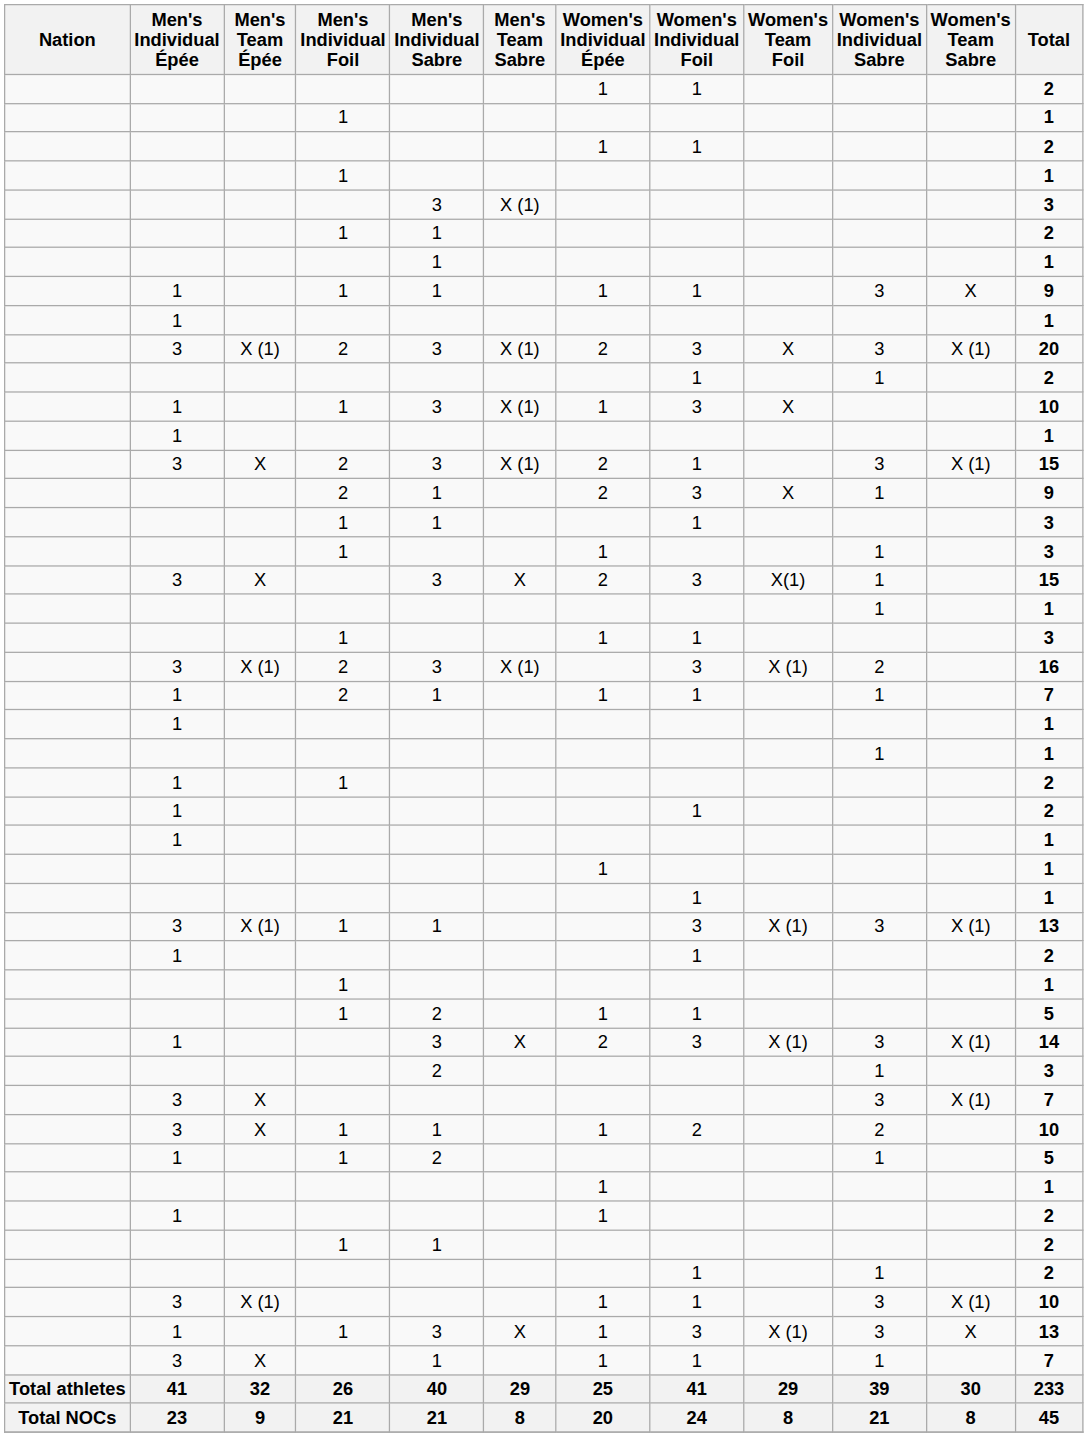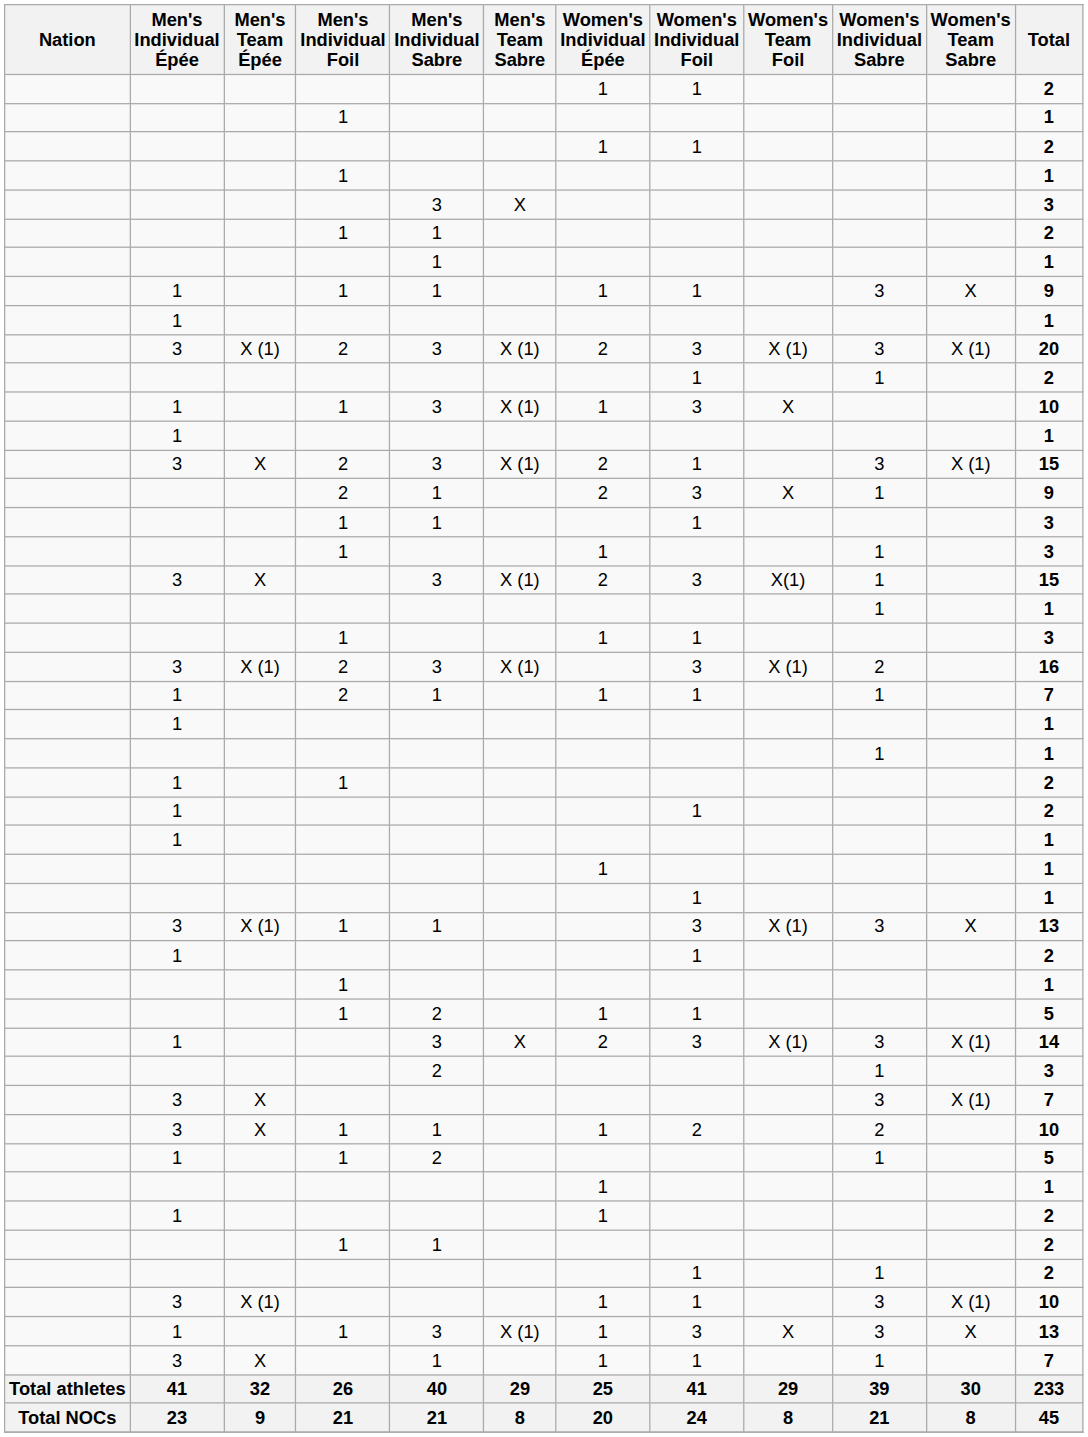 <table class="wikitable collapsible sortable" width=850  style="text-align:center; font-size:90%">
 <tr>
 <th width=130>Nation</th>
 <th width=60>Men's <br>Individual Épée</th>
 <th width=60>Men's <br>Team  Épée</th>
 <th width=60>Men's <br>Individual Foil</th>
 <th width=60>Men's <br>Individual Sabre</th>
 <th width=60>Men's <br>Team Sabre</th>
 <th width=60>Women's Individual Épée</th>
 <th width=60>Women's Individual Foil</th>
 <th width=60>Women's Team Foil</th>
 <th width=60>Women's <br>Individual Sabre</th>
 <th width=60>Women's<br>Team Sabre</th>
 <th width=60>Total</th>
 </tr>
 <tr>
 <td align=left></td>
 <td></td>
 <td></td>
 <td></td>
 <td></td>
 <td></td>
 <td>1</td>
 <td>1</td>
 <td></td>
 <td></td>
 <td></td>
 <td><strong>2</strong></td>
 </tr>
 <tr>
 <td align=left></td>
 <td></td>
 <td></td>
 <td>1</td>
 <td></td>
 <td></td>
 <td></td>
 <td></td>
 <td></td>
 <td></td>
 <td></td>
 <td><strong>1</strong></td>
 </tr>
 <tr>
 <td align=left></td>
 <td></td>
 <td></td>
 <td></td>
 <td></td>
 <td></td>
 <td>1</td>
 <td>1</td>
 <td></td>
 <td></td>
 <td></td>
 <td><strong>2</strong></td>
 </tr>
 <tr>
 <td align=left></td>
 <td></td>
 <td></td>
 <td>1</td>
 <td></td>
 <td></td>
 <td></td>
 <td></td>
 <td></td>
 <td></td>
 <td></td>
 <td><strong>1</strong></td>
 </tr>
 <tr>
 <td align=left></td>
 <td></td>
 <td></td>
 <td></td>
 <td>3</td>
-<td>X (1)</td>
+<td>X</td>
 <td></td>
 <td></td>
 <td></td>
 <td></td>
 <td></td>
 <td><strong>3</strong></td>
 </tr>
 <tr>
 <td align=left></td>
 <td></td>
 <td></td>
 <td>1</td>
 <td>1</td>
 <td></td>
 <td></td>
 <td></td>
 <td></td>
 <td></td>
 <td></td>
 <td><strong>2</strong></td>
 </tr>
 <tr>
 <td align=left></td>
 <td></td>
 <td></td>
 <td></td>
 <td>1</td>
 <td></td>
 <td></td>
 <td></td>
 <td></td>
 <td></td>
 <td></td>
 <td><strong>1</strong></td>
 </tr>
 <tr>
 <td align=left></td>
 <td>1</td>
 <td></td>
 <td>1</td>
 <td>1</td>
 <td></td>
 <td>1</td>
 <td>1</td>
 <td></td>
 <td>3</td>
 <td>X</td>
 <td><strong>9</strong></td>
 </tr>
 <tr>
 <td align=left></td>
 <td>1</td>
 <td></td>
 <td></td>
 <td></td>
 <td></td>
 <td></td>
 <td></td>
 <td></td>
 <td></td>
 <td></td>
 <td><strong>1</strong></td>
 </tr>
 <tr>
 <td align=left></td>
 <td>3</td>
 <td>X (1)</td>
 <td>2</td>
 <td>3</td>
 <td>X (1)</td>
 <td>2</td>
 <td>3</td>
-<td>X</td>
+<td>X (1)</td>
 <td>3</td>
 <td>X (1)</td>
 <td><strong>20</strong></td>
 </tr>
 <tr>
 <td align=left></td>
 <td></td>
 <td></td>
 <td></td>
 <td></td>
 <td></td>
 <td></td>
 <td>1</td>
 <td></td>
 <td>1</td>
 <td></td>
 <td><strong>2</strong></td>
 </tr>
 <tr>
 <td align=left></td>
 <td>1</td>
 <td></td>
 <td>1</td>
 <td>3</td>
 <td>X (1)</td>
 <td>1</td>
 <td>3</td>
 <td>X</td>
 <td></td>
 <td></td>
 <td><strong>10</strong></td>
 </tr>
 <tr>
 <td align=left></td>
 <td>1</td>
 <td></td>
 <td></td>
 <td></td>
 <td></td>
 <td></td>
 <td></td>
 <td></td>
 <td></td>
 <td></td>
 <td><strong>1</strong></td>
 </tr>
 <tr>
 <td align=left></td>
 <td>3</td>
 <td>X</td>
 <td>2</td>
 <td>3</td>
 <td>X (1)</td>
 <td>2</td>
 <td>1</td>
 <td></td>
 <td>3</td>
 <td>X (1)</td>
 <td><strong>15</strong></td>
 </tr>
 <tr>
 <td align=left></td>
 <td></td>
 <td></td>
 <td>2</td>
 <td>1</td>
 <td></td>
 <td>2</td>
 <td>3</td>
 <td>X</td>
 <td>1</td>
 <td></td>
 <td><strong>9</strong></td>
 </tr>
 <tr>
 <td align=left></td>
 <td></td>
 <td></td>
 <td>1</td>
 <td>1</td>
 <td></td>
 <td></td>
 <td>1</td>
 <td></td>
 <td></td>
 <td></td>
 <td><strong>3</strong></td>
 </tr>
 <tr>
 <td align=left></td>
 <td></td>
 <td></td>
 <td>1</td>
 <td></td>
 <td></td>
 <td>1</td>
 <td></td>
 <td></td>
 <td>1</td>
 <td></td>
 <td><strong>3</strong></td>
 </tr>
 <tr>
 <td align=left></td>
 <td>3</td>
 <td>X</td>
 <td></td>
 <td>3</td>
-<td>X</td>
+<td>X (1)</td>
 <td>2</td>
 <td>3</td>
 <td>X(1)</td>
 <td>1</td>
 <td></td>
 <td><strong>15</strong></td>
 </tr>
 <tr>
 <td align=left></td>
 <td></td>
 <td></td>
 <td></td>
 <td></td>
 <td></td>
 <td></td>
 <td></td>
 <td></td>
 <td>1</td>
 <td></td>
 <td><strong>1</strong></td>
 </tr>
 <tr>
 <td align=left></td>
 <td></td>
 <td></td>
 <td>1</td>
 <td></td>
 <td></td>
 <td>1</td>
 <td>1</td>
 <td></td>
 <td></td>
 <td></td>
 <td><strong>3</strong></td>
 </tr>
 <tr>
 <td align=left></td>
 <td>3</td>
 <td>X (1)</td>
 <td>2</td>
 <td>3</td>
 <td>X (1)</td>
 <td></td>
 <td>3</td>
 <td>X (1)</td>
 <td>2</td>
 <td></td>
 <td><strong>16</strong></td>
 </tr>
 <tr>
 <td align=left></td>
 <td>1</td>
 <td></td>
 <td>2</td>
 <td>1</td>
 <td></td>
 <td>1</td>
 <td>1</td>
 <td></td>
 <td>1</td>
 <td></td>
 <td><strong>7</strong></td>
 </tr>
 <tr>
 <td align=left></td>
 <td>1</td>
 <td></td>
 <td></td>
 <td></td>
 <td></td>
 <td></td>
 <td></td>
 <td></td>
 <td></td>
 <td></td>
 <td><strong>1</strong></td>
 </tr>
 <tr>
 <td align=left></td>
 <td></td>
 <td></td>
 <td></td>
 <td></td>
 <td></td>
 <td></td>
 <td></td>
 <td></td>
 <td>1</td>
 <td></td>
 <td><strong>1</strong></td>
 </tr>
 <tr>
 <td align=left></td>
 <td>1</td>
 <td></td>
 <td>1</td>
 <td></td>
 <td></td>
 <td></td>
 <td></td>
 <td></td>
 <td></td>
 <td></td>
 <td><strong>2</strong></td>
 </tr>
 <tr>
 <td align=left></td>
 <td>1</td>
 <td></td>
 <td></td>
 <td></td>
 <td></td>
 <td></td>
 <td>1</td>
 <td></td>
 <td></td>
 <td></td>
 <td><strong>2</strong></td>
 </tr>
 <tr>
 <td align=left></td>
 <td>1</td>
 <td></td>
 <td></td>
 <td></td>
 <td></td>
 <td></td>
 <td></td>
 <td></td>
 <td></td>
 <td></td>
 <td><strong>1</strong></td>
 </tr>
 <tr>
 <td align=left></td>
 <td></td>
 <td></td>
 <td></td>
 <td></td>
 <td></td>
 <td>1</td>
 <td></td>
 <td></td>
 <td></td>
 <td></td>
 <td><strong>1</strong></td>
 </tr>
 <tr>
 <td align=left></td>
 <td></td>
 <td></td>
 <td></td>
 <td></td>
 <td></td>
 <td></td>
 <td>1</td>
 <td></td>
 <td></td>
 <td></td>
 <td><strong>1</strong></td>
 </tr>
 <tr>
 <td align=left></td>
 <td>3</td>
 <td>X (1)</td>
 <td>1</td>
 <td>1</td>
 <td></td>
 <td></td>
 <td>3</td>
 <td>X (1)</td>
 <td>3</td>
-<td>X (1)</td>
+<td>X</td>
 <td><strong>13</strong></td>
 </tr>
 <tr>
 <td align=left></td>
 <td>1</td>
 <td></td>
 <td></td>
 <td></td>
 <td></td>
 <td></td>
 <td>1</td>
 <td></td>
 <td></td>
 <td></td>
 <td><strong>2</strong></td>
 </tr>
 <tr>
 <td align=left></td>
 <td></td>
 <td></td>
 <td>1</td>
 <td></td>
 <td></td>
 <td></td>
 <td></td>
 <td></td>
 <td></td>
 <td></td>
 <td><strong>1</strong></td>
 </tr>
 <tr>
 <td align=left></td>
 <td></td>
 <td></td>
 <td>1</td>
 <td>2</td>
 <td></td>
 <td>1</td>
 <td>1</td>
 <td></td>
 <td></td>
 <td></td>
 <td><strong>5</strong></td>
 </tr>
 <tr>
 <td align=left></td>
 <td>1</td>
 <td></td>
 <td></td>
 <td>3</td>
 <td>X</td>
 <td>2</td>
 <td>3</td>
 <td>X (1)</td>
 <td>3</td>
 <td>X (1)</td>
 <td><strong>14</strong></td>
 </tr>
 <tr>
 <td align=left></td>
 <td></td>
 <td></td>
 <td></td>
 <td>2</td>
 <td></td>
 <td></td>
 <td></td>
 <td></td>
 <td>1</td>
 <td></td>
 <td><strong>3</strong></td>
 </tr>
 <tr>
 <td align=left></td>
 <td>3</td>
 <td>X</td>
 <td></td>
 <td></td>
 <td></td>
 <td></td>
 <td></td>
 <td></td>
 <td>3</td>
 <td>X (1)</td>
 <td><strong>7</strong></td>
 </tr>
 <tr>
 <td align=left></td>
 <td>3</td>
 <td>X</td>
 <td>1</td>
 <td>1</td>
 <td></td>
 <td>1</td>
 <td>2</td>
 <td></td>
 <td>2</td>
 <td></td>
 <td><strong>10</strong></td>
 </tr>
 <tr>
 <td align=left></td>
 <td>1</td>
 <td></td>
 <td>1</td>
 <td>2</td>
 <td></td>
 <td></td>
 <td></td>
 <td></td>
 <td>1</td>
 <td></td>
 <td><strong>5</strong></td>
 </tr>
 <tr>
 <td align=left></td>
 <td></td>
 <td></td>
 <td></td>
 <td></td>
 <td></td>
 <td>1</td>
 <td></td>
 <td></td>
 <td></td>
 <td></td>
 <td><strong>1</strong></td>
 </tr>
 <tr>
 <td align=left></td>
 <td>1</td>
 <td></td>
 <td></td>
 <td></td>
 <td></td>
 <td>1</td>
 <td></td>
 <td></td>
 <td></td>
 <td></td>
 <td><strong>2</strong></td>
 </tr>
 <tr>
 <td align=left></td>
 <td></td>
 <td></td>
 <td>1</td>
 <td>1</td>
 <td></td>
 <td></td>
 <td></td>
 <td></td>
 <td></td>
 <td></td>
 <td><strong>2</strong></td>
 </tr>
 <tr>
 <td align=left></td>
 <td></td>
 <td></td>
 <td></td>
 <td></td>
 <td></td>
 <td></td>
 <td>1</td>
 <td></td>
 <td>1</td>
 <td></td>
 <td><strong>2</strong></td>
 </tr>
 <tr>
 <td align=left></td>
 <td>3</td>
 <td>X (1)</td>
 <td></td>
 <td></td>
 <td></td>
 <td>1</td>
 <td>1</td>
 <td></td>
 <td>3</td>
 <td>X (1)</td>
 <td><strong>10</strong></td>
 </tr>
 <tr>
 <td align=left></td>
 <td>1</td>
 <td></td>
 <td>1</td>
 <td>3</td>
-<td>X</td>
+<td>X (1)</td>
 <td>1</td>
 <td>3</td>
-<td>X (1)</td>
+<td>X</td>
 <td>3</td>
 <td>X</td>
 <td><strong>13</strong></td>
 </tr>
 <tr>
 <td align=left></td>
 <td>3</td>
 <td>X</td>
 <td></td>
 <td>1</td>
 <td></td>
 <td>1</td>
 <td>1</td>
 <td></td>
 <td>1</td>
 <td></td>
 <td><strong>7</strong></td>
 </tr>
 <tr class="sortbottom">
 <th>Total athletes</th>
 <th>41</th>
 <th>32</th>
 <th>26</th>
 <th>40</th>
 <th>29</th>
 <th>25</th>
 <th>41</th>
 <th>29</th>
 <th>39</th>
 <th>30</th>
 <th>233</th>
 </tr>
 <tr class="sortbottom">
 <th>Total  NOCs</th>
 <th>23</th>
 <th>9</th>
 <th>21</th>
 <th>21</th>
 <th>8</th>
 <th>20</th>
 <th>24</th>
 <th>8</th>
 <th>21</th>
 <th>8</th>
 <th>45</th>
 </tr>
 <tr>
 </tr>
 </table>
